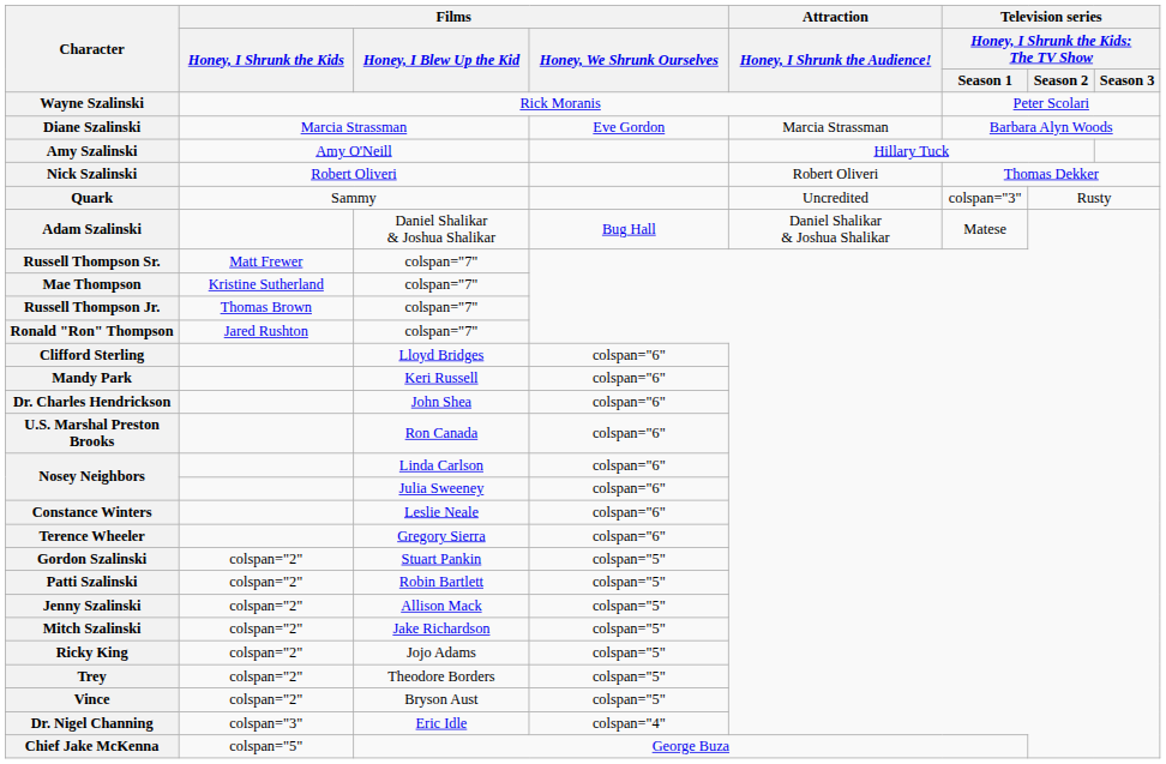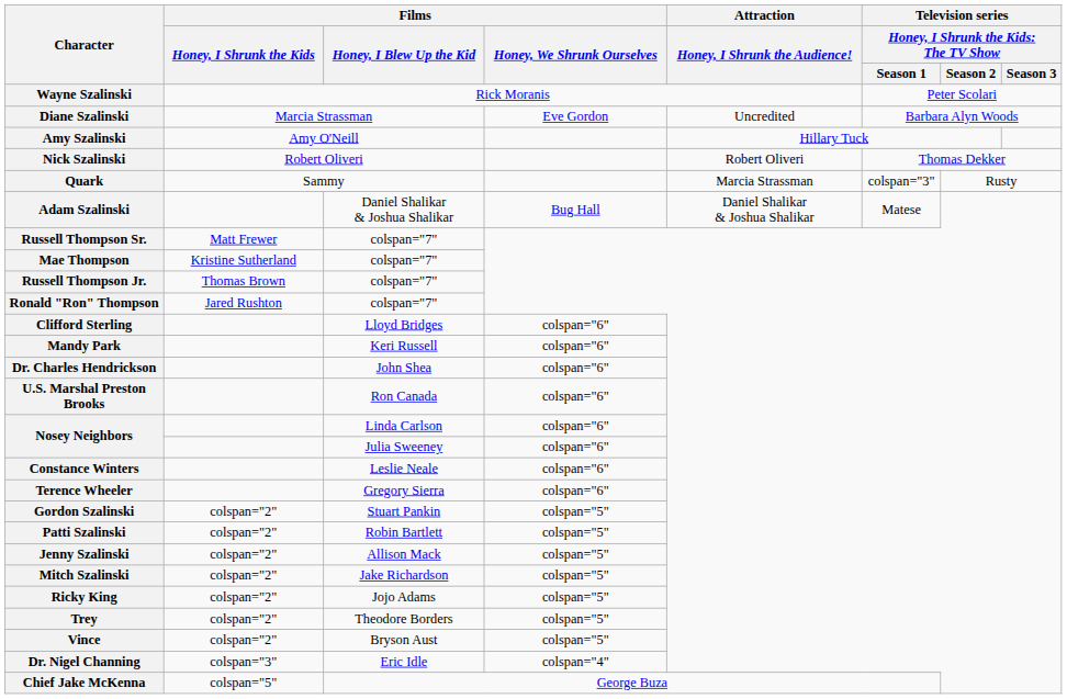 <table class="wikitable" style="text-align:center; width:99%;">
 <tr>
 <th rowspan="3" style="width:15%;">Character</th>
 <th colspan="3" style="text-align:center;">Films</th>
 <th style="text-align:center;">Attraction</th>
 <th colspan="3" style="text-align:center;">Television series</th>
 </tr>
 <tr>
 <th rowspan="2" style="text-align:center;"><em><a href='#'>Honey, I Shrunk the Kids</a></em></th>
 <th rowspan="2" style="text-align:center;"><em><a href='#'>Honey, I Blew Up the Kid</a></em></th>
 <th rowspan="2" style="text-align:center;"><em><a href='#'>Honey, We Shrunk Ourselves</a></em></th>
 <th rowspan="2" style="text-align:center;"><em><a href='#'>Honey, I Shrunk the Audience!</a></em></th>
 <th colspan="3" style="text-align:center;"><em><a href='#'>Honey, I Shrunk the Kids:<br>The TV Show</a></em></th>
 </tr>
 <tr>
 <th>Season 1</th>
 <th>Season 2</th>
 <th>Season 3</th>
 </tr>
 <tr>
 <th scope="row">Wayne Szalinski</th>
 <td colspan="4"><a href='#'>Rick Moranis</a></td>
 <td colspan="3"><a href='#'>Peter Scolari</a></td>
 </tr>
 <tr>
 <th scope="row">Diane Szalinski</th>
 <td colspan="2"><a href='#'>Marcia Strassman</a></td>
 <td><a href='#'>Eve Gordon</a></td>
-<td>Marcia Strassman</td>
+<td>Uncredited</td>
 <td colspan="3"><a href='#'>Barbara Alyn Woods</a></td>
 </tr>
 <tr>
 <th scope="row">Amy Szalinski</th>
 <td colspan="2"><a href='#'>Amy O'Neill</a></td>
 <td></td>
 <td colspan="3"><a href='#'>Hillary Tuck</a></td>
 </tr>
 <tr>
 <th scope="row">Nick Szalinski</th>
 <td colspan="2"><a href='#'>Robert Oliveri</a></td>
 <td></td>
 <td>Robert Oliveri</td>
 <td colspan="3"><a href='#'>Thomas Dekker</a></td>
 </tr>
 <tr>
 <th scope="row">Quark</th>
 <td colspan="2">Sammy</td>
 <td></td>
-<td>Uncredited</td>
+<td>Marcia Strassman</td>
 <td>colspan="3" </td>
 <td colspan="2">Rusty</td>
 </tr>
 <tr>
 <th scope="row">Adam Szalinski</th>
 <td></td>
 <td>Daniel Shalikar<br>& Joshua Shalikar</td>
 <td><a href='#'>Bug Hall</a></td>
 <td>Daniel Shalikar<br>& Joshua Shalikar</td>
 <td>Matese</td>
 </tr>
 <tr>
 <th>Russell Thompson Sr.</th>
 <td><a href='#'>Matt Frewer</a></td>
 <td>colspan="7" </td>
 </tr>
 <tr>
 <th>Mae Thompson</th>
 <td><a href='#'>Kristine Sutherland</a></td>
 <td>colspan="7" </td>
 </tr>
 <tr>
 <th>Russell Thompson Jr.</th>
 <td><a href='#'>Thomas Brown</a></td>
 <td>colspan="7" </td>
 </tr>
 <tr>
 <th>Ronald "Ron" Thompson</th>
 <td><a href='#'>Jared Rushton</a></td>
 <td>colspan="7" </td>
 </tr>
 <tr>
 <th>Clifford Sterling</th>
 <td></td>
 <td><a href='#'>Lloyd Bridges</a></td>
 <td>colspan="6" </td>
 </tr>
 <tr>
 <th>Mandy Park</th>
 <td></td>
 <td><a href='#'>Keri Russell</a></td>
 <td>colspan="6" </td>
 </tr>
 <tr>
 <th>Dr. Charles Hendrickson</th>
 <td></td>
 <td><a href='#'>John Shea</a></td>
 <td>colspan="6" </td>
 </tr>
 <tr>
 <th>U.S. Marshal Preston Brooks</th>
 <td></td>
 <td><a href='#'>Ron Canada</a></td>
 <td>colspan="6" </td>
 </tr>
 <tr>
 <th rowspan="2">Nosey Neighbors</th>
 <td></td>
 <td><a href='#'>Linda Carlson</a></td>
 <td>colspan="6" </td>
 </tr>
 <tr>
 <td></td>
 <td><a href='#'>Julia Sweeney</a></td>
 <td>colspan="6" </td>
 </tr>
 <tr>
 <th>Constance Winters</th>
 <td></td>
 <td><a href='#'>Leslie Neale</a></td>
 <td>colspan="6" </td>
 </tr>
 <tr>
 <th>Terence Wheeler</th>
 <td></td>
 <td><a href='#'>Gregory Sierra</a></td>
 <td>colspan="6" </td>
 </tr>
 <tr>
 <th>Gordon Szalinski</th>
 <td>colspan="2" </td>
 <td><a href='#'>Stuart Pankin</a></td>
 <td>colspan="5" </td>
 </tr>
 <tr>
 <th>Patti Szalinski</th>
 <td>colspan="2" </td>
 <td><a href='#'>Robin Bartlett</a></td>
 <td>colspan="5" </td>
 </tr>
 <tr>
 <th>Jenny Szalinski</th>
 <td>colspan="2" </td>
 <td><a href='#'>Allison Mack</a></td>
 <td>colspan="5" </td>
 </tr>
 <tr>
 <th>Mitch Szalinski</th>
 <td>colspan="2" </td>
 <td><a href='#'>Jake Richardson</a></td>
 <td>colspan="5" </td>
 </tr>
 <tr>
 <th>Ricky King</th>
 <td>colspan="2" </td>
 <td>Jojo Adams</td>
 <td>colspan="5" </td>
 </tr>
 <tr>
 <th>Trey</th>
 <td>colspan="2" </td>
 <td>Theodore Borders</td>
 <td>colspan="5" </td>
 </tr>
 <tr>
 <th>Vince</th>
 <td>colspan="2" </td>
 <td>Bryson Aust</td>
 <td>colspan="5" </td>
 </tr>
 <tr>
 <th>Dr. Nigel Channing</th>
 <td>colspan="3" </td>
 <td><a href='#'>Eric Idle</a></td>
 <td>colspan="4" </td>
 </tr>
 <tr>
 <th>Chief Jake McKenna</th>
 <td>colspan="5" </td>
 <td colspan="4"><a href='#'>George Buza</a></td>
 </tr>
 </table>
